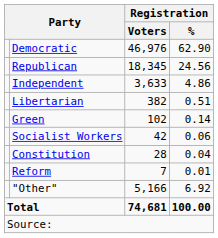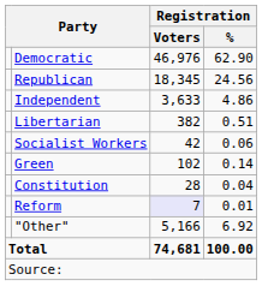 <table class="wikitable">
 <tr>
 <th colspan="2" rowspan="2">Party</th>
 <th colspan="2">Registration</th>
 </tr>
 <tr>
 <th>Voters</th>
 <th>%</th>
 </tr>
 <tr>
 <td style="background-color:"></td>
 <td><a href='#'>Democratic</a></td>
 <td style="text-align:right;">46,976</td>
 <td style="text-align:right;">62.90</td>
 </tr>
 <tr>
 <td style="background-color:"></td>
 <td><a href='#'>Republican</a></td>
 <td style="text-align:right;">18,345</td>
 <td style="text-align:right;">24.56</td>
 </tr>
 <tr>
 <td style="background-color:"></td>
 <td><a href='#'>Independent</a></td>
 <td style="text-align:right;">3,633</td>
 <td style="text-align:right;">4.86</td>
 </tr>
 <tr>
 <td style="background-color:"></td>
 <td><a href='#'>Libertarian</a></td>
 <td style="text-align:right;">382</td>
 <td style="text-align:right;">0.51</td>
 </tr>
 <tr>
 <td style="background-color:"></td>
+<td><a href='#'>Socialist Workers</a></td>
+<td style="text-align:right;">42</td>
+<td style="text-align:right;">0.06</td>
+</tr>
+<tr>
+<td style="background-color:"></td>
 <td><a href='#'>Green</a></td>
 <td style="text-align:right;">102</td>
 <td style="text-align:right;">0.14</td>
-</tr>
-<tr>
-<td style="background-color:"></td>
-<td><a href='#'>Socialist Workers</a></td>
-<td style="text-align:right;">42</td>
-<td style="text-align:right;">0.06</td>
 </tr>
 <tr>
 <td style="background-color:"></td>
 <td><a href='#'>Constitution</a></td>
 <td style="text-align:right;">28</td>
 <td style="text-align:right;">0.04</td>
 </tr>
 <tr>
 <td style="background-color:"></td>
 <td><a href='#'>Reform</a></td>
-<td style="text-align:right;">7</td>
+<td style="background: lavender; text-align:right;">7</td>
 <td style="text-align:right;">0.01</td>
 </tr>
 <tr>
 <td></td>
 <td>"Other"</td>
 <td style="text-align:right;">5,166</td>
 <td style="text-align:right;">6.92</td>
 </tr>
 <tr>
 <td colspan="2"><strong>Total</strong></td>
 <td style="text-align:right;"><strong>74,681</strong></td>
 <td style="text-align:right;"><strong>100.00</strong></td>
 </tr>
 <tr>
 <td colspan="4">Source: <em></em></td>
 </tr>
 </table>
